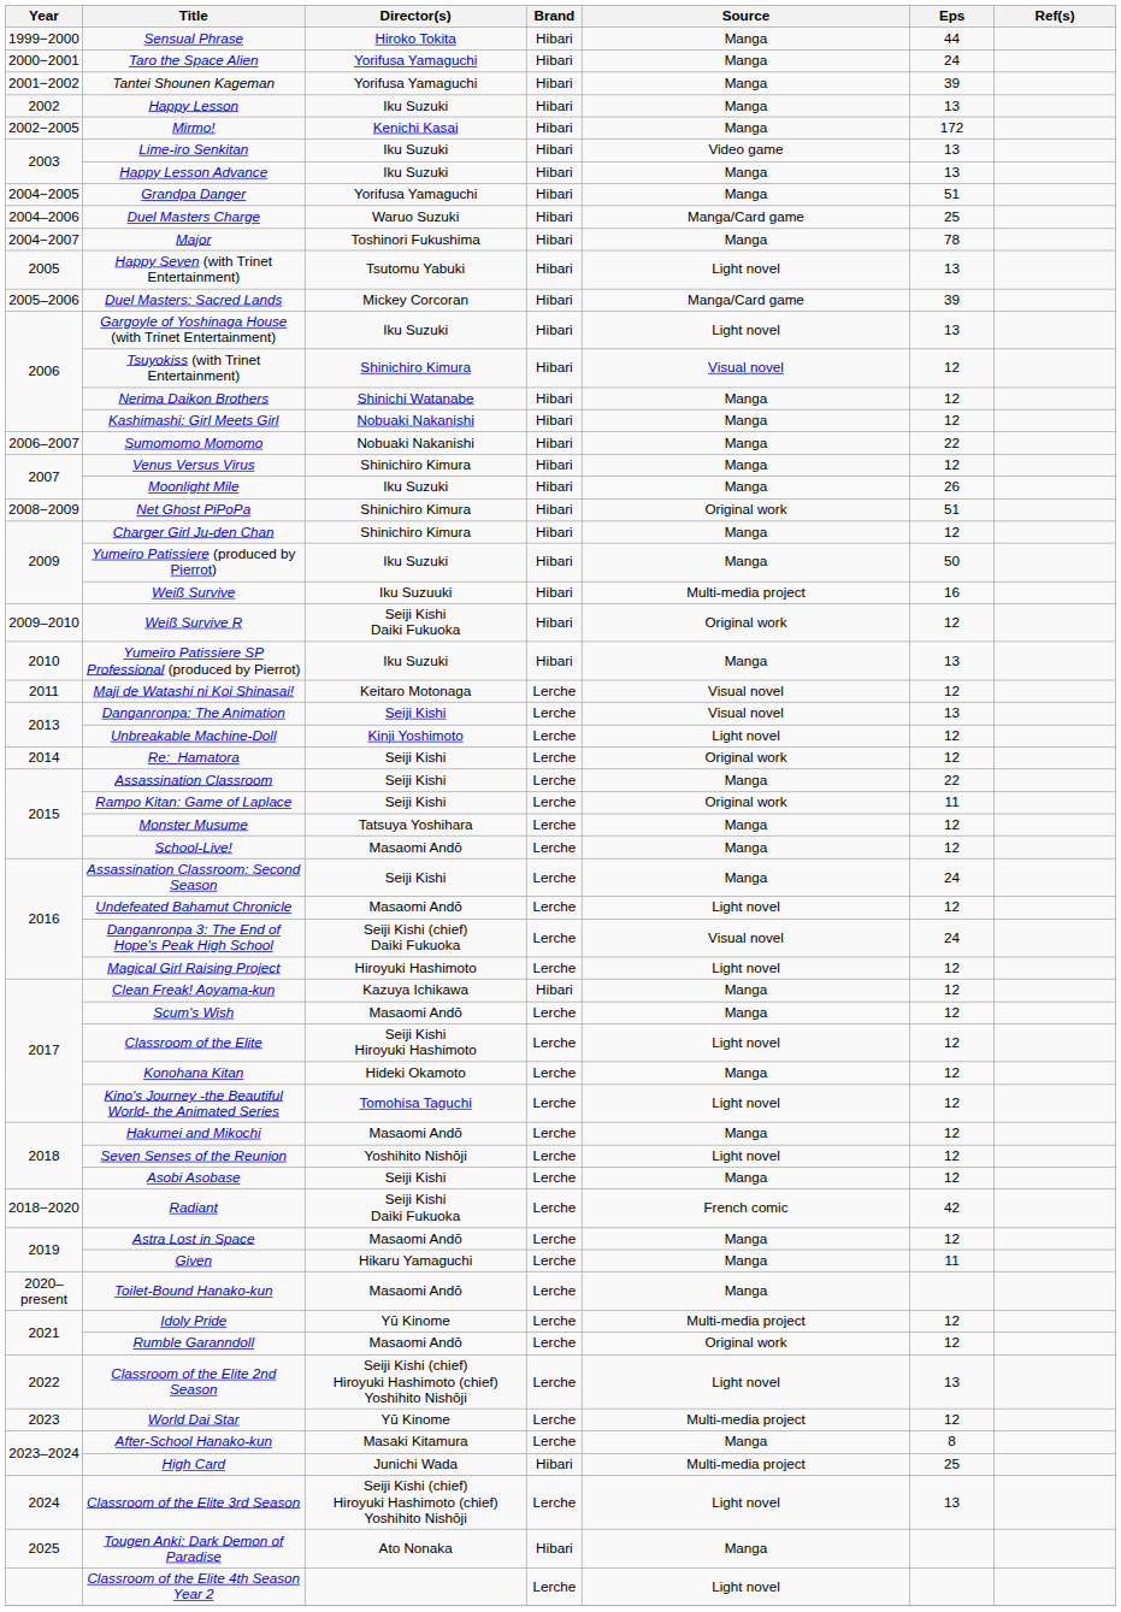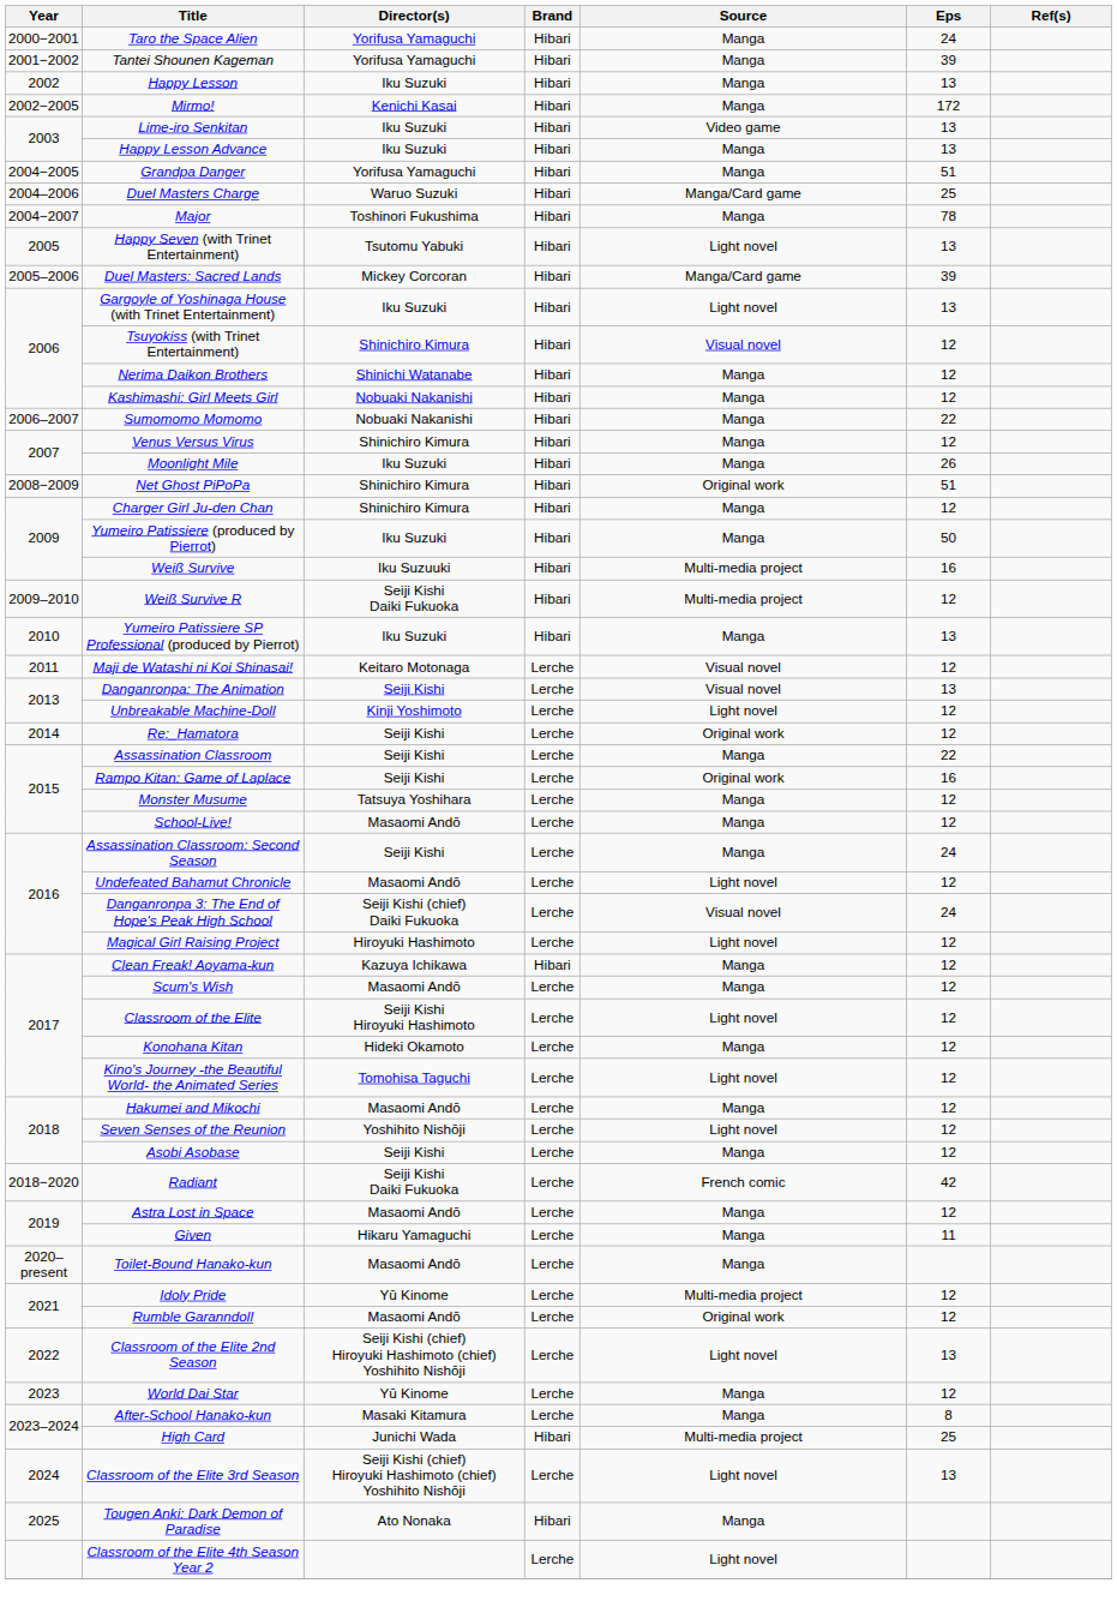 <table class="wikitable sortable" style="text-align:center; margin:auto; ">
 <tr>
 <th scope="col" class="unsortable" width=10>Year</th>
 <th scope="col" width=20%>Title</th>
 <th scope="col" width=20%>Director(s)</th>
 <th scope="col" width=5%>Brand</th>
 <th scope="col">Source</th>
 <th scope="col" class="unsortable">Eps</th>
 <th scope="col" class="unsortable">Ref(s)</th>
-</tr>
-<tr>
-<td>1999−2000</td>
-<td><em><a href='#'>Sensual Phrase</a></em></td>
-<td><a href='#'>Hiroko Tokita</a></td>
-<td>Hibari</td>
-<td>Manga</td>
-<td>44</td>
-<td></td>
 </tr>
 <tr>
 <td>2000−2001</td>
 <td><em><a href='#'>Taro the Space Alien</a></em></td>
 <td><a href='#'>Yorifusa Yamaguchi</a></td>
 <td>Hibari</td>
 <td>Manga</td>
 <td>24</td>
 <td></td>
 </tr>
 <tr>
 <td>2001−2002</td>
 <td><em>Tantei Shounen Kageman</em></td>
 <td>Yorifusa Yamaguchi</td>
 <td>Hibari</td>
 <td>Manga</td>
 <td>39</td>
 <td></td>
 </tr>
 <tr>
 <td>2002</td>
 <td><em><a href='#'>Happy Lesson</a></em></td>
 <td>Iku Suzuki</td>
 <td>Hibari</td>
 <td>Manga</td>
 <td>13</td>
 <td></td>
 </tr>
 <tr>
 <td>2002−2005</td>
 <td><em><a href='#'>Mirmo!</a></em></td>
 <td><a href='#'>Kenichi Kasai</a></td>
 <td>Hibari</td>
 <td>Manga</td>
 <td>172</td>
 <td></td>
 </tr>
 <tr>
 <td rowspan="2">2003</td>
 <td><em><a href='#'>Lime-iro Senkitan</a></em></td>
 <td>Iku Suzuki</td>
 <td>Hibari</td>
 <td>Video game</td>
 <td>13</td>
 <td></td>
 </tr>
 <tr>
 <td><em><a href='#'>Happy Lesson Advance</a></em></td>
 <td>Iku Suzuki</td>
 <td>Hibari</td>
 <td>Manga</td>
 <td>13</td>
 <td></td>
 </tr>
 <tr>
 <td>2004−2005</td>
 <td><em><a href='#'>Grandpa Danger</a></em></td>
 <td>Yorifusa Yamaguchi</td>
 <td>Hibari</td>
 <td>Manga</td>
 <td>51</td>
 <td></td>
 </tr>
 <tr>
 <td>2004–2006</td>
 <td><em><a href='#'>Duel Masters Charge</a></em></td>
 <td>Waruo Suzuki</td>
 <td>Hibari</td>
 <td>Manga/Card game</td>
 <td>25</td>
 <td></td>
 </tr>
 <tr>
 <td>2004−2007</td>
 <td><em><a href='#'>Major</a></em></td>
 <td>Toshinori Fukushima</td>
 <td>Hibari</td>
 <td>Manga</td>
 <td>78</td>
 <td></td>
 </tr>
 <tr>
 <td>2005</td>
 <td><em><a href='#'>Happy Seven</a></em> (with Trinet Entertainment)</td>
 <td>Tsutomu Yabuki</td>
 <td>Hibari</td>
 <td>Light novel</td>
 <td>13</td>
 <td></td>
 </tr>
 <tr>
 <td>2005–2006</td>
 <td><em><a href='#'>Duel Masters: Sacred Lands</a></em></td>
 <td>Mickey Corcoran</td>
 <td>Hibari</td>
 <td>Manga/Card game</td>
 <td>39</td>
 <td></td>
 </tr>
 <tr>
 <td rowspan="4">2006</td>
 <td><em><a href='#'>Gargoyle of Yoshinaga House</a></em> (with Trinet Entertainment)</td>
 <td>Iku Suzuki</td>
 <td>Hibari</td>
 <td>Light novel</td>
 <td>13</td>
 <td></td>
 </tr>
 <tr>
 <td><em><a href='#'>Tsuyokiss</a></em> (with Trinet Entertainment)</td>
 <td><a href='#'>Shinichiro Kimura</a></td>
 <td>Hibari</td>
 <td><a href='#'>Visual novel</a></td>
 <td>12</td>
 <td></td>
 </tr>
 <tr>
 <td><em><a href='#'>Nerima Daikon Brothers</a></em></td>
 <td><a href='#'>Shinichi Watanabe</a></td>
 <td>Hibari</td>
 <td>Manga</td>
 <td>12</td>
 <td></td>
 </tr>
 <tr>
 <td><em><a href='#'>Kashimashi: Girl Meets Girl</a></em></td>
 <td><a href='#'>Nobuaki Nakanishi</a></td>
 <td>Hibari</td>
 <td>Manga</td>
 <td>12</td>
 <td></td>
 </tr>
 <tr>
 <td>2006–2007</td>
 <td><em><a href='#'>Sumomomo Momomo</a></em></td>
 <td>Nobuaki Nakanishi</td>
 <td>Hibari</td>
 <td>Manga</td>
 <td>22</td>
 <td></td>
 </tr>
 <tr>
 <td rowspan="2">2007</td>
 <td><em><a href='#'>Venus Versus Virus</a></em></td>
 <td>Shinichiro Kimura</td>
 <td>Hibari</td>
 <td>Manga</td>
 <td>12</td>
 <td></td>
 </tr>
 <tr>
 <td><em><a href='#'>Moonlight Mile</a></em></td>
 <td>Iku Suzuki</td>
 <td>Hibari</td>
 <td>Manga</td>
 <td>26</td>
 <td></td>
 </tr>
 <tr>
 <td>2008−2009</td>
 <td><em><a href='#'>Net Ghost PiPoPa</a></em></td>
 <td>Shinichiro Kimura</td>
 <td>Hibari</td>
 <td>Original work</td>
 <td>51</td>
 <td></td>
 </tr>
 <tr>
 <td rowspan="3">2009</td>
 <td><em><a href='#'>Charger Girl Ju-den Chan</a></em></td>
 <td>Shinichiro Kimura</td>
 <td>Hibari</td>
 <td>Manga</td>
 <td>12</td>
 <td></td>
 </tr>
 <tr>
 <td><em><a href='#'>Yumeiro Patissiere</a></em> (produced by <a href='#'>Pierrot</a>)</td>
 <td>Iku Suzuki</td>
 <td>Hibari</td>
 <td>Manga</td>
 <td>50</td>
 <td></td>
 </tr>
 <tr>
 <td><em><a href='#'>Weiß Survive</a></em></td>
 <td>Iku Suzuuki</td>
 <td>Hibari</td>
 <td>Multi-media project</td>
 <td>16</td>
 <td></td>
 </tr>
 <tr>
 <td>2009–2010</td>
 <td><em><a href='#'>Weiß Survive R</a></em></td>
 <td>Seiji Kishi <br> Daiki Fukuoka</td>
 <td>Hibari</td>
-<td>Original work</td>
+<td>Multi-media project</td>
 <td>12</td>
 <td></td>
 </tr>
 <tr>
 <td>2010</td>
 <td><em><a href='#'>Yumeiro Patissiere SP Professional</a></em> (produced by Pierrot)</td>
 <td>Iku Suzuki</td>
 <td>Hibari</td>
 <td>Manga</td>
 <td>13</td>
 <td></td>
 </tr>
 <tr>
 <td>2011</td>
 <td><em><a href='#'>Maji de Watashi ni Koi Shinasai!</a></em></td>
 <td>Keitaro Motonaga</td>
 <td>Lerche</td>
 <td>Visual novel</td>
 <td>12</td>
 <td></td>
 </tr>
 <tr>
 <td rowspan="2">2013</td>
 <td><em><a href='#'>Danganronpa: The Animation</a></em></td>
 <td><a href='#'>Seiji Kishi</a></td>
 <td>Lerche</td>
 <td>Visual novel</td>
 <td>13</td>
 <td></td>
 </tr>
 <tr>
 <td><em><a href='#'>Unbreakable Machine-Doll</a></em></td>
 <td><a href='#'>Kinji Yoshimoto</a></td>
 <td>Lerche</td>
 <td>Light novel</td>
 <td>12</td>
 <td></td>
 </tr>
 <tr>
 <td>2014</td>
 <td><em><a href='#'>Re:_Hamatora</a></em></td>
 <td>Seiji Kishi</td>
 <td>Lerche</td>
 <td>Original work</td>
 <td>12</td>
 <td></td>
 </tr>
 <tr>
 <td rowspan="4">2015</td>
 <td><em><a href='#'>Assassination Classroom</a></em></td>
 <td>Seiji Kishi</td>
 <td>Lerche</td>
 <td>Manga</td>
 <td>22</td>
 <td></td>
 </tr>
 <tr>
 <td><em><a href='#'>Rampo Kitan: Game of Laplace</a></em></td>
 <td>Seiji Kishi</td>
 <td>Lerche</td>
 <td>Original work</td>
-<td>11</td>
+<td>16</td>
 <td></td>
 </tr>
 <tr>
 <td><em><a href='#'>Monster Musume</a></em></td>
 <td>Tatsuya Yoshihara</td>
 <td>Lerche</td>
 <td>Manga</td>
 <td>12</td>
 <td></td>
 </tr>
 <tr>
 <td><em><a href='#'>School-Live!</a></em></td>
 <td>Masaomi Andō</td>
 <td>Lerche</td>
 <td>Manga</td>
 <td>12</td>
 <td></td>
 </tr>
 <tr>
 <td rowspan="4">2016</td>
 <td><em><a href='#'>Assassination Classroom: Second Season</a></em></td>
 <td>Seiji Kishi</td>
 <td>Lerche</td>
 <td>Manga</td>
 <td>24</td>
 <td></td>
 </tr>
 <tr>
 <td><em><a href='#'>Undefeated Bahamut Chronicle</a></em></td>
 <td>Masaomi Andō</td>
 <td>Lerche</td>
 <td>Light novel</td>
 <td>12</td>
 <td></td>
 </tr>
 <tr>
 <td><em><a href='#'>Danganronpa 3: The End of Hope's Peak High School</a></em></td>
 <td>Seiji Kishi (chief) <br> Daiki Fukuoka</td>
 <td>Lerche</td>
 <td>Visual novel</td>
 <td>24</td>
 <td></td>
 </tr>
 <tr>
 <td><em><a href='#'>Magical Girl Raising Project</a></em></td>
 <td>Hiroyuki Hashimoto</td>
 <td>Lerche</td>
 <td>Light novel</td>
 <td>12</td>
 <td></td>
 </tr>
 <tr>
 <td rowspan="5">2017</td>
 <td><em><a href='#'>Clean Freak! Aoyama-kun</a></em></td>
 <td>Kazuya Ichikawa</td>
 <td>Hibari</td>
 <td>Manga</td>
 <td>12</td>
 <td></td>
 </tr>
 <tr>
 <td><em><a href='#'>Scum's Wish</a></em></td>
 <td>Masaomi Andō</td>
 <td>Lerche</td>
 <td>Manga</td>
 <td>12</td>
 <td></td>
 </tr>
 <tr>
 <td><em><a href='#'>Classroom of the Elite</a></em></td>
 <td>Seiji Kishi <br> Hiroyuki Hashimoto</td>
 <td>Lerche</td>
 <td>Light novel</td>
 <td>12</td>
 <td></td>
 </tr>
 <tr>
 <td><em><a href='#'>Konohana Kitan</a></em></td>
 <td>Hideki Okamoto</td>
 <td>Lerche</td>
 <td>Manga</td>
 <td>12</td>
 <td></td>
 </tr>
 <tr>
 <td><em><a href='#'>Kino's Journey -the Beautiful World- the Animated Series</a></em></td>
 <td><a href='#'>Tomohisa Taguchi</a></td>
 <td>Lerche</td>
 <td>Light novel</td>
 <td>12</td>
 <td></td>
 </tr>
 <tr>
 <td rowspan="3">2018</td>
 <td><em><a href='#'>Hakumei and Mikochi</a></em></td>
 <td>Masaomi Andō</td>
 <td>Lerche</td>
 <td>Manga</td>
 <td>12</td>
 <td></td>
 </tr>
 <tr>
 <td><em><a href='#'>Seven Senses of the Reunion</a></em></td>
 <td>Yoshihito Nishōji</td>
 <td>Lerche</td>
 <td>Light novel</td>
 <td>12</td>
 <td></td>
 </tr>
 <tr>
 <td><em><a href='#'>Asobi Asobase</a></em></td>
 <td>Seiji Kishi</td>
 <td>Lerche</td>
 <td>Manga</td>
 <td>12</td>
 <td></td>
 </tr>
 <tr>
 <td>2018−2020</td>
 <td><em><a href='#'>Radiant</a></em></td>
 <td>Seiji Kishi <br> Daiki Fukuoka</td>
 <td>Lerche</td>
 <td>French comic</td>
 <td>42</td>
 <td></td>
 </tr>
 <tr>
 <td rowspan="2">2019</td>
 <td><em><a href='#'>Astra Lost in Space</a></em></td>
 <td>Masaomi Andō</td>
 <td>Lerche</td>
 <td>Manga</td>
 <td>12</td>
 <td></td>
 </tr>
 <tr>
 <td><em><a href='#'>Given</a></em></td>
 <td>Hikaru Yamaguchi</td>
 <td>Lerche</td>
 <td>Manga</td>
 <td>11</td>
 <td></td>
 </tr>
 <tr>
 <td>2020–present</td>
 <td><em><a href='#'>Toilet-Bound Hanako-kun</a></em></td>
 <td>Masaomi Andō</td>
 <td>Lerche</td>
 <td>Manga</td>
 <td></td>
 <td></td>
 </tr>
 <tr>
 <td rowspan="2">2021</td>
 <td><em><a href='#'>Idoly Pride</a></em></td>
 <td>Yū Kinome</td>
 <td>Lerche</td>
 <td>Multi-media project</td>
 <td>12</td>
 <td></td>
 </tr>
 <tr>
 <td><em><a href='#'>Rumble Garanndoll</a></em></td>
 <td>Masaomi Andō</td>
 <td>Lerche</td>
 <td>Original work</td>
 <td>12</td>
 <td></td>
 </tr>
 <tr>
 <td>2022</td>
 <td><em><a href='#'>Classroom of the Elite 2nd Season</a></em></td>
 <td>Seiji Kishi (chief)<br> Hiroyuki Hashimoto (chief) <br> Yoshihito Nishōji</td>
 <td>Lerche</td>
 <td>Light novel</td>
 <td>13</td>
 <td></td>
 </tr>
 <tr>
 <td>2023</td>
 <td><em><a href='#'>World Dai Star</a></em></td>
 <td>Yū Kinome</td>
 <td>Lerche</td>
-<td>Multi-media project</td>
+<td>Manga</td>
 <td>12</td>
 <td></td>
 </tr>
 <tr>
 <td rowspan="2">2023–2024</td>
 <td><em><a href='#'>After-School Hanako-kun</a></em></td>
 <td>Masaki Kitamura</td>
 <td>Lerche</td>
 <td>Manga</td>
 <td>8</td>
 <td></td>
 </tr>
 <tr>
 <td><em><a href='#'>High Card</a></em></td>
 <td>Junichi Wada</td>
 <td>Hibari</td>
 <td>Multi-media project</td>
 <td>25</td>
 <td></td>
 </tr>
 <tr>
 <td>2024</td>
 <td><em><a href='#'>Classroom of the Elite 3rd Season</a></em></td>
 <td>Seiji Kishi (chief)<br> Hiroyuki Hashimoto (chief)<br> Yoshihito Nishōji</td>
 <td>Lerche</td>
 <td>Light novel</td>
 <td>13</td>
 <td></td>
 </tr>
 <tr>
 <td>2025</td>
 <td><em><a href='#'>Tougen Anki: Dark Demon of Paradise</a></em></td>
 <td>Ato Nonaka</td>
 <td>Hibari</td>
 <td>Manga</td>
 <td></td>
 <td></td>
 </tr>
 <tr>
 <td></td>
 <td><em><a href='#'>Classroom of the Elite 4th Season Year 2</a></em></td>
 <td></td>
 <td>Lerche</td>
 <td>Light novel</td>
 <td></td>
 <td></td>
 </tr>
 <tr>
 </tr>
 </table>
